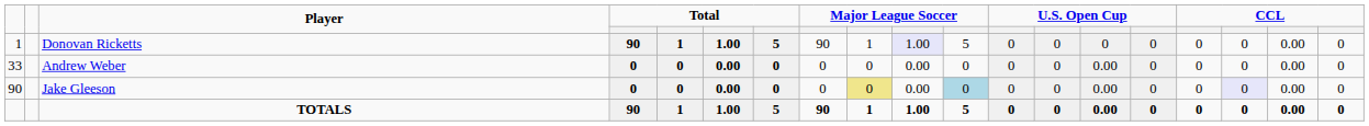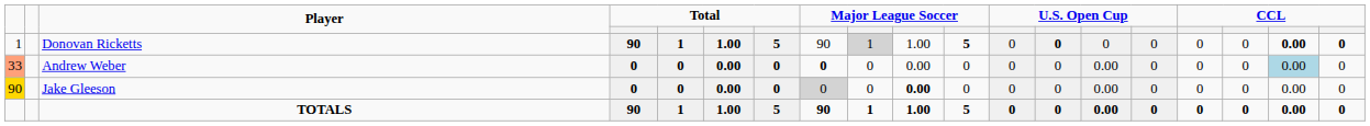 <table class="wikitable" style="text-align:center;">
 <tr>
 <td rowspan=2  style="width:1%; text-align:center;"><strong></strong></td>
 <td rowspan=2  style="width:1%; text-align:center;"><strong></strong></td>
 <td rowspan=2  style="width:42%; text-align:center;"><strong>Player</strong></td>
 <td colspan=4 style="text-align:center;"><strong>Total</strong></td>
 <td colspan=4 style="text-align:center;"><strong><a href='#'>Major League Soccer</a></strong></td>
 <td colspan=4 style="text-align:center;"><strong><a href='#'>U.S. Open Cup</a></strong></td>
 <td colspan=4 style="text-align:center;"><strong><a href='#'>CCL</a></strong></td>
 </tr>
 <tr>
 <th width=60></th>
 <th width=60></th>
 <th width=60></th>
 <th width=60></th>
 <th width=60></th>
 <th width=60></th>
 <th width=60></th>
 <th width=60></th>
 <th width=60></th>
 <th width=60></th>
 <th width=60></th>
 <th width=60></th>
 <th width=60></th>
 <th width=60></th>
 <th width=60></th>
 <th width=60></th>
 </tr>
 <tr>
 <td style="text-align: right;">1</td>
 <td></td>
 <td style="text-align: left;"><a href='#'>Donovan Ricketts</a></td>
 <td style="background: #F0F0F0;"><strong>90</strong></td>
 <td style="background: #F0F0F0;"><strong>1</strong></td>
 <td style="background: #F0F0F0;"><strong>1.00</strong></td>
 <td style="background: #F0F0F0;"><strong>5</strong></td>
 <td>90</td>
-<td>1</td>
-<td style="background: lavender;">1.00</td>
-<td>5</td>
+<td style="background: lightgrey;">1</td>
+<td>1.00</td>
+<td><strong>5</strong></td>
 <td style="background: #F0F0F0;">0</td>
-<td style="background: #F0F0F0;">0</td>
+<td style="background: #F0F0F0;"><strong>0</strong></td>
 <td style="background: #F0F0F0;">0</td>
 <td style="background: #F0F0F0;">0</td>
 <td>0</td>
 <td>0</td>
-<td>0.00</td>
-<td>0</td>
+<td><strong>0.00</strong></td>
+<td><strong>0</strong></td>
 </tr>
 <tr>
-<td style="text-align: right;">33</td>
+<td style="background: lightsalmon; text-align: right;">33</td>
 <td></td>
 <td style="text-align: left;"><a href='#'>Andrew Weber</a></td>
 <td style="background: #F0F0F0;"><strong>0</strong></td>
 <td style="background: #F0F0F0;"><strong>0</strong></td>
 <td style="background: #F0F0F0;"><strong>0.00</strong></td>
 <td style="background: #F0F0F0;"><strong>0</strong></td>
-<td>0</td>
+<td><strong>0</strong></td>
 <td>0</td>
 <td>0.00</td>
 <td>0</td>
 <td style="background: #F0F0F0;">0</td>
 <td style="background: #F0F0F0;">0</td>
 <td style="background: #F0F0F0;">0.00</td>
 <td style="background: #F0F0F0;">0</td>
 <td>0</td>
 <td>0</td>
-<td>0.00</td>
+<td style="background: lightblue;">0.00</td>
 <td>0</td>
 </tr>
 <tr>
-<td style="text-align: right;">90</td>
+<td style="background: gold; text-align: right;">90</td>
 <td></td>
 <td style="text-align: left;"><a href='#'>Jake Gleeson</a></td>
 <td style="background: #F0F0F0;"><strong>0</strong></td>
 <td style="background: #F0F0F0;"><strong>0</strong></td>
 <td style="background: #F0F0F0;"><strong>0.00</strong></td>
 <td style="background: #F0F0F0;"><strong>0</strong></td>
+<td style="background: lightgrey;">0</td>
 <td>0</td>
-<td style="background: khaki;">0</td>
-<td>0.00</td>
-<td style="background: lightblue;">0</td>
+<td><strong>0.00</strong></td>
+<td>0</td>
 <td style="background: #F0F0F0;">0</td>
 <td style="background: #F0F0F0;">0</td>
 <td style="background: #F0F0F0;">0.00</td>
 <td style="background: #F0F0F0;">0</td>
 <td>0</td>
-<td style="background: lavender;">0</td>
+<td>0</td>
 <td>0.00</td>
 <td>0</td>
 </tr>
 <tr>
 <td></td>
 <td></td>
 <td><strong>TOTALS</strong></td>
 <td style="background: #F0F0F0;"><strong>90</strong></td>
 <td style="background: #F0F0F0;"><strong>1</strong></td>
 <td style="background: #F0F0F0;"><strong>1.00</strong></td>
 <td style="background: #F0F0F0;"><strong>5</strong></td>
 <td><strong>90</strong></td>
 <td><strong>1</strong></td>
 <td><strong>1.00</strong></td>
 <td><strong>5</strong></td>
 <td style="background: #F0F0F0;"><strong>0</strong></td>
 <td style="background: #F0F0F0;"><strong>0</strong></td>
 <td style="background: #F0F0F0;"><strong>0.00</strong></td>
 <td style="background: #F0F0F0;"><strong>0</strong></td>
 <td><strong>0</strong></td>
 <td><strong>0</strong></td>
 <td><strong>0.00</strong></td>
 <td><strong>0</strong></td>
 </tr>
 </table>
